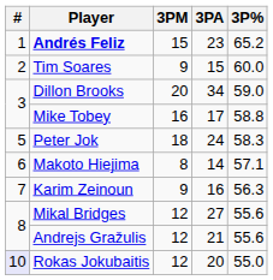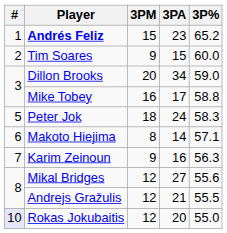 <table class=wikitable style="text-align:right; display:inline-table;">
 <tr>
 <th>#</th>
 <th>Player</th>
 <th>3PM</th>
 <th>3PA</th>
 <th>3P%</th>
 </tr>
 <tr>
 <td>1</td>
 <td align=left> <strong><a href='#'>Andrés Feliz</a></strong></td>
 <td>15</td>
 <td>23</td>
 <td>65.2</td>
 </tr>
 <tr>
 <td>2</td>
 <td align=left> <a href='#'>Tim Soares</a></td>
 <td>9</td>
 <td>15</td>
 <td>60.0</td>
 </tr>
 <tr>
 <td rowspan=2>3</td>
 <td align=left> <a href='#'>Dillon Brooks</a></td>
 <td>20</td>
 <td>34</td>
 <td>59.0</td>
 </tr>
 <tr>
 <td align=left> <a href='#'>Mike Tobey</a></td>
 <td>16</td>
 <td>17</td>
 <td>58.8</td>
 </tr>
 <tr>
 <td>5</td>
 <td align=left> <a href='#'>Peter Jok</a></td>
 <td>18</td>
 <td>24</td>
 <td>58.3</td>
 </tr>
 <tr>
 <td>6</td>
 <td align=left> <a href='#'>Makoto Hiejima</a></td>
 <td>8</td>
 <td>14</td>
 <td>57.1</td>
 </tr>
 <tr>
 <td>7</td>
 <td align=left> <a href='#'>Karim Zeinoun</a></td>
 <td>9</td>
 <td>16</td>
 <td>56.3</td>
 </tr>
 <tr>
 <td rowspan=2>8</td>
 <td align=left> <a href='#'>Mikal Bridges</a></td>
 <td>12</td>
 <td>27</td>
 <td>55.6</td>
 </tr>
 <tr>
 <td align=left> <a href='#'>Andrejs Gražulis</a></td>
 <td>12</td>
 <td>21</td>
-<td>55.6</td>
+<td>55.5</td>
 </tr>
 <tr>
 <td style="background: lavender;">10</td>
 <td align=left> <a href='#'>Rokas Jokubaitis</a></td>
 <td>12</td>
 <td>20</td>
 <td>55.0</td>
 </tr>
 </table>
